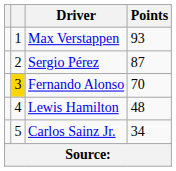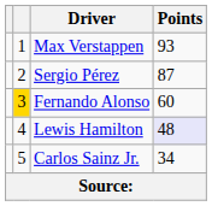 <table class="wikitable" style="font-size: 85%;">
 <tr>
 <th scope="col"></th>
 <th scope="col"></th>
 <th scope="col">Driver</th>
 <th scope="col">Points</th>
 </tr>
 <tr>
 <td align="left"></td>
 <td align="center">1</td>
 <td> <a href='#'>Max Verstappen</a></td>
 <td align="left">93</td>
 </tr>
 <tr>
 <td align="left"></td>
 <td align="center">2</td>
 <td> <a href='#'>Sergio Pérez</a></td>
 <td align="left">87</td>
 </tr>
 <tr>
 <td align="left"></td>
 <td align="center" style="background: gold;">3</td>
 <td> <a href='#'>Fernando Alonso</a></td>
-<td align="left">70</td>
+<td align="left">60</td>
 </tr>
 <tr>
 <td align="left"></td>
 <td align="center">4</td>
 <td> <a href='#'>Lewis Hamilton</a></td>
-<td align="left">48</td>
+<td align="left" style="background: lavender;">48</td>
 </tr>
 <tr>
 <td align="left"></td>
 <td align="center">5</td>
 <td> <a href='#'>Carlos Sainz Jr.</a></td>
 <td align="left">34</td>
 </tr>
 <tr>
 <th colspan=4>Source:</th>
 </tr>
 </table>
